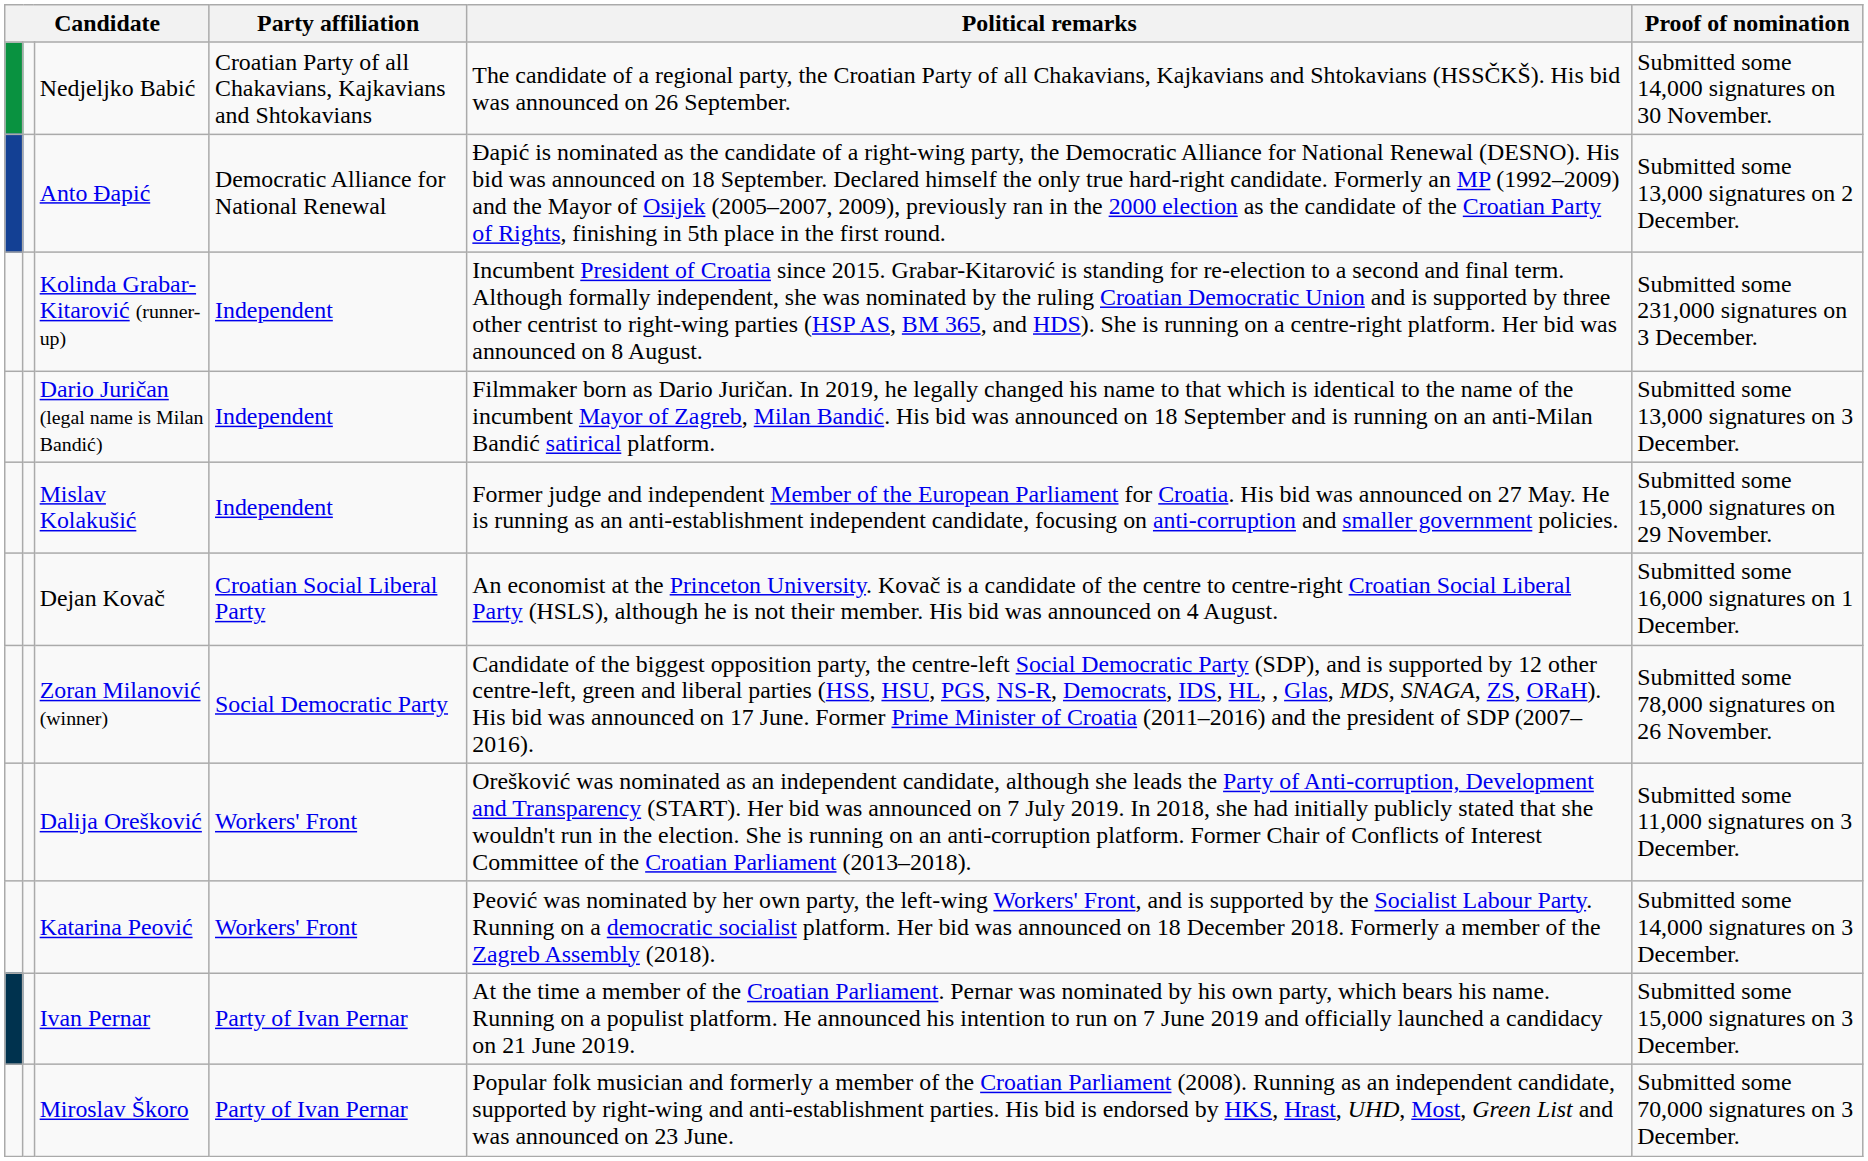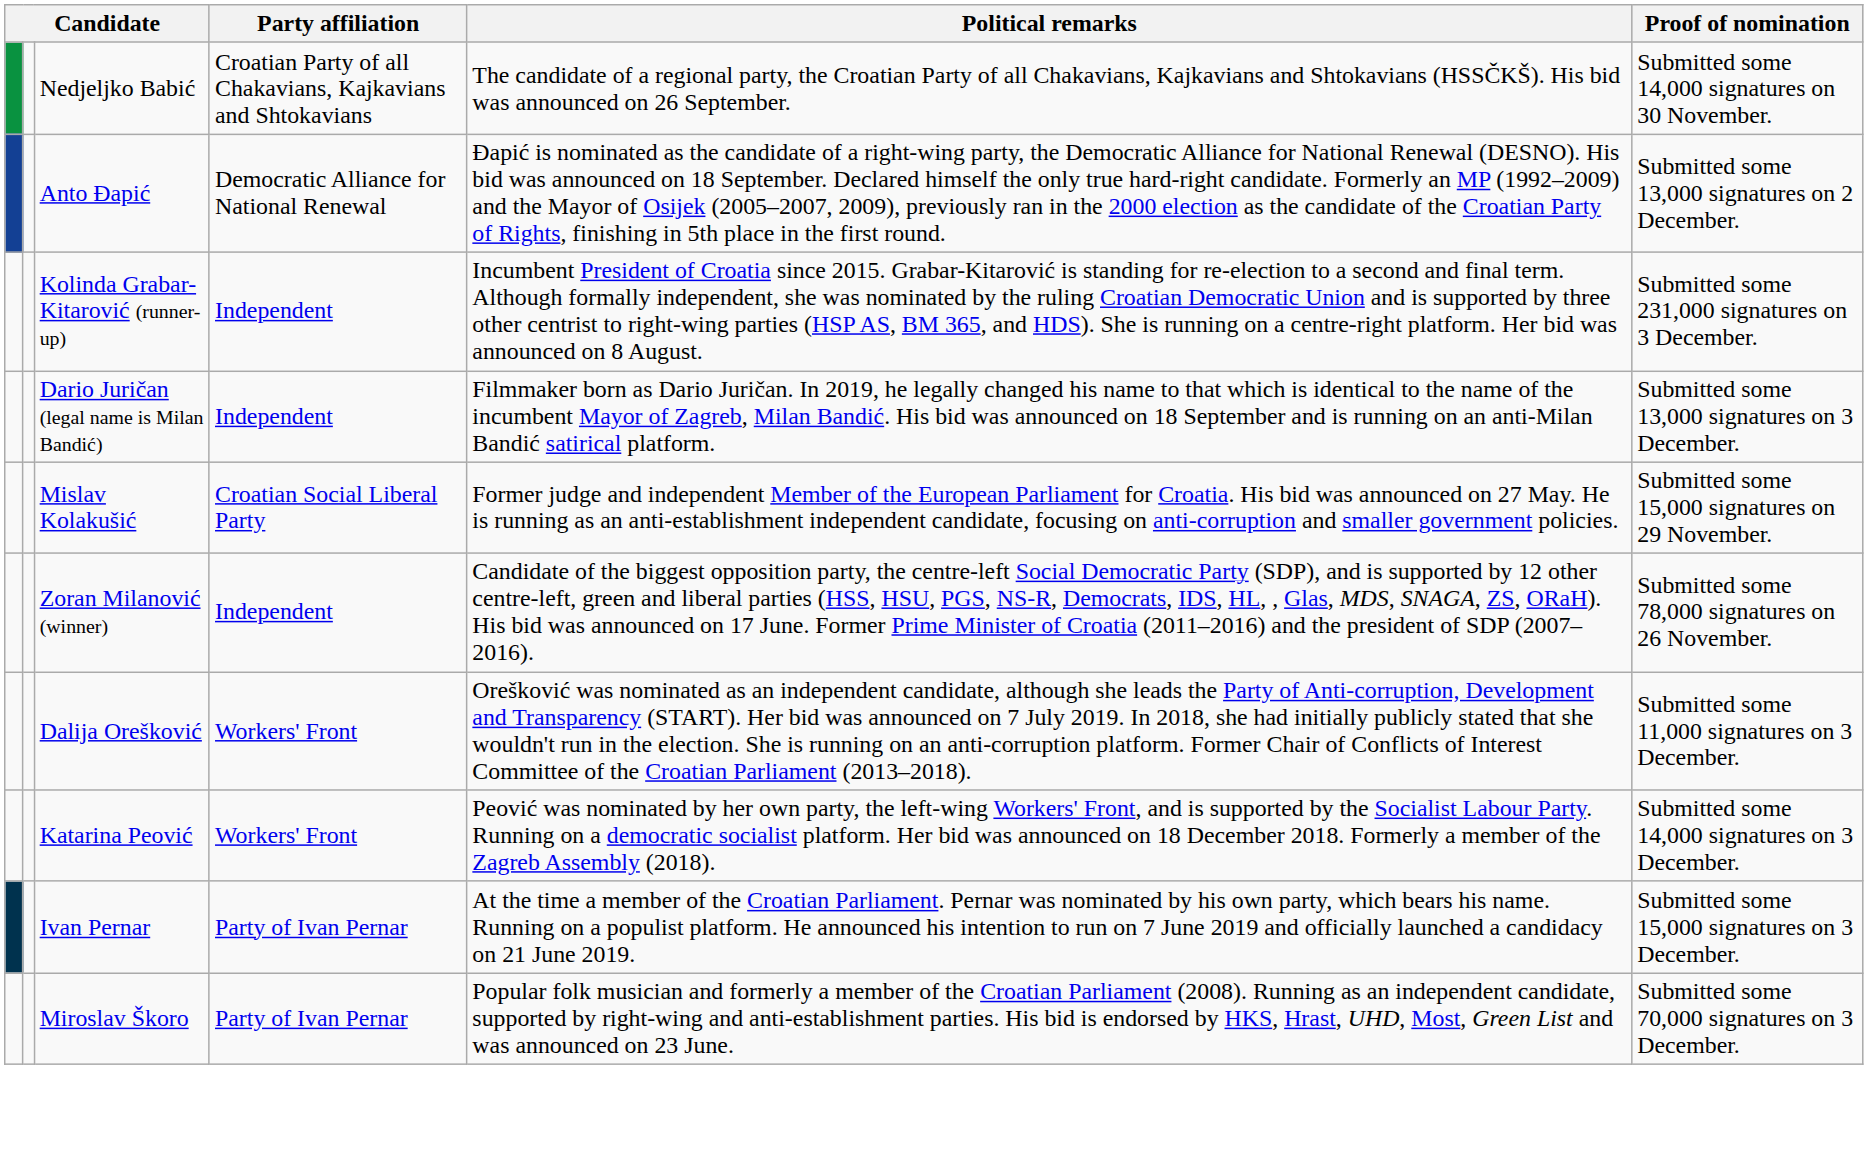 <table class="wikitable">
 <tr>
 <th colspan=3>Candidate</th>
 <th>Party affiliation</th>
 <th>Political remarks</th>
 <th>Proof of nomination</th>
 </tr>
 <tr>
 <td width=5px style="background:#099240;"></td>
 <td></td>
 <td>Nedjeljko Babić</td>
 <td>Croatian Party of all Chakavians, Kajkavians and Shtokavians</td>
 <td>The candidate of a regional party, the Croatian Party of all Chakavians, Kajkavians and Shtokavians (HSSČKŠ). His bid was announced on 26 September.</td>
 <td>Submitted some 14,000 signatures on 30 November.</td>
 </tr>
 <tr>
 <td width=5px style="background:#134094;"></td>
 <td></td>
 <td><a href='#'>Anto Đapić</a></td>
 <td>Democratic Alliance for National Renewal</td>
 <td>Đapić is nominated as the candidate of a right-wing party, the Democratic Alliance for National Renewal (DESNO). His bid was announced on 18 September. Declared himself the only true hard-right candidate. Formerly an <a href='#'>MP</a> (1992–2009) and the Mayor of <a href='#'>Osijek</a> (2005–2007, 2009), previously ran in the <a href='#'>2000 election</a> as the candidate of the <a href='#'>Croatian Party of Rights</a>, finishing in 5th place in the first round.</td>
 <td>Submitted some 13,000 signatures on 2 December.</td>
 </tr>
 <tr>
 <td width=5px style="color:inherit;background:"></td>
 <td></td>
 <td><a href='#'>Kolinda Grabar-Kitarović</a> <small>(runner-up)</small></td>
 <td><a href='#'>Independent</a></td>
 <td>Incumbent <a href='#'>President of Croatia</a> since 2015. Grabar-Kitarović is standing for re-election to a second and final term. Although formally independent, she was nominated by the ruling <a href='#'>Croatian Democratic Union</a> and is supported by three other centrist to right-wing parties (<a href='#'>HSP AS</a>, <a href='#'>BM 365</a>, and <a href='#'>HDS</a>). She is running on a centre-right platform. Her bid was announced on 8 August.</td>
 <td>Submitted some 231,000 signatures on 3 December.</td>
 </tr>
 <tr>
 <td width=5px style="color:inherit;background:"></td>
 <td></td>
 <td><a href='#'>Dario Juričan</a><br><small>(legal name is Milan Bandić)</small></td>
 <td><a href='#'>Independent</a></td>
 <td>Filmmaker born as Dario Juričan. In 2019, he legally changed his name to that which is identical to the name of the incumbent <a href='#'>Mayor of Zagreb</a>, <a href='#'>Milan Bandić</a>. His bid was announced on 18 September and is running on an anti-Milan Bandić <a href='#'>satirical</a> platform.</td>
 <td>Submitted some 13,000 signatures on 3 December.</td>
 </tr>
 <tr>
 <td width=5px style="color:inherit;background:"></td>
 <td></td>
 <td><a href='#'>Mislav Kolakušić</a></td>
-<td><a href='#'>Independent</a></td>
+<td><a href='#'>Croatian Social Liberal Party</a></td>
 <td>Former judge and independent <a href='#'>Member of the European Parliament</a> for <a href='#'>Croatia</a>. His bid was announced on 27 May. He is running as an anti-establishment independent candidate, focusing on <a href='#'>anti-corruption</a> and <a href='#'>smaller government</a> policies.</td>
 <td>Submitted some 15,000 signatures on 29 November.</td>
 </tr>
 <tr>
 <td width=5px style="color:inherit;background:"></td>
 <td></td>
-<td>Dejan Kovač</td>
-<td><a href='#'>Croatian Social Liberal Party</a></td>
-<td>An economist at the <a href='#'>Princeton University</a>. Kovač is a candidate of the centre to centre-right <a href='#'>Croatian Social Liberal Party</a> (HSLS), although he is not their member. His bid was announced on 4 August.</td>
-<td>Submitted some 16,000 signatures on 1 December.</td>
-</tr>
-<tr>
-<td width=5px style="color:inherit;background:"></td>
-<td></td>
 <td><a href='#'>Zoran Milanović</a> <small>(winner)</small></td>
-<td><a href='#'>Social Democratic Party</a></td>
+<td><a href='#'>Independent</a></td>
 <td>Candidate of the biggest opposition party, the centre-left <a href='#'>Social Democratic Party</a> (SDP), and is supported by 12 other centre-left, green and liberal parties (<a href='#'>HSS</a>, <a href='#'>HSU</a>, <a href='#'>PGS</a>, <a href='#'>NS-R</a>, <a href='#'>Democrats</a>, <a href='#'>IDS</a>, <a href='#'>HL</a>, , <a href='#'>Glas</a>, <em>MDS</em>, <em>SNAGA</em>, <a href='#'>ZS</a>, <a href='#'>ORaH</a>). His bid was announced on 17 June. Former <a href='#'>Prime Minister of Croatia</a> (2011–2016) and the president of SDP (2007–2016).</td>
 <td>Submitted some 78,000 signatures on 26 November.</td>
 </tr>
 <tr>
 <td width=5px style="color:inherit;background:"></td>
 <td></td>
 <td><a href='#'>Dalija Orešković</a></td>
 <td><a href='#'>Workers' Front</a></td>
 <td>Orešković was nominated as an independent candidate, although she leads the <a href='#'>Party of Anti-corruption, Development and Transparency</a> (START). Her bid was announced on 7 July 2019. In 2018, she had initially publicly stated that she wouldn't run in the election. She is running on an anti-corruption platform. Former Chair of Conflicts of Interest Committee of the <a href='#'>Croatian Parliament</a> (2013–2018).</td>
 <td>Submitted some 11,000 signatures on 3 December.</td>
 </tr>
 <tr>
 <td width=5px style="color:inherit;background:"></td>
 <td></td>
 <td><a href='#'>Katarina Peović</a></td>
 <td><a href='#'>Workers' Front</a></td>
 <td>Peović was nominated by her own party, the left-wing <a href='#'>Workers' Front</a>, and is supported by the <a href='#'>Socialist Labour Party</a>. Running on a <a href='#'>democratic socialist</a> platform. Her bid was announced on 18 December 2018. Formerly a member of the <a href='#'>Zagreb Assembly</a> (2018).</td>
 <td>Submitted some 14,000 signatures on 3 December.</td>
 </tr>
 <tr>
 <td width=5px style="background:#00324e;"></td>
 <td></td>
 <td><a href='#'>Ivan Pernar</a></td>
 <td><a href='#'>Party of Ivan Pernar</a></td>
 <td>At the time a member of the <a href='#'>Croatian Parliament</a>. Pernar was nominated by his own party, which bears his name. Running on a populist platform. He announced his intention to run on 7 June 2019 and officially launched a candidacy on 21 June 2019.</td>
 <td>Submitted some 15,000 signatures on 3 December.</td>
 </tr>
 <tr>
 <td width=5px style="color:inherit;background:"></td>
 <td></td>
 <td><a href='#'>Miroslav Škoro</a></td>
 <td><a href='#'>Party of Ivan Pernar</a></td>
 <td>Popular folk musician and formerly a member of the <a href='#'>Croatian Parliament</a> (2008). Running as an independent candidate, supported by right-wing and anti-establishment parties. His bid is endorsed by <a href='#'>HKS</a>, <a href='#'>Hrast</a>, <em>UHD</em>, <a href='#'>Most</a>, <em>Green List</em> and was announced on 23 June.</td>
 <td>Submitted some 70,000 signatures on 3 December.</td>
 </tr>
 </table>
